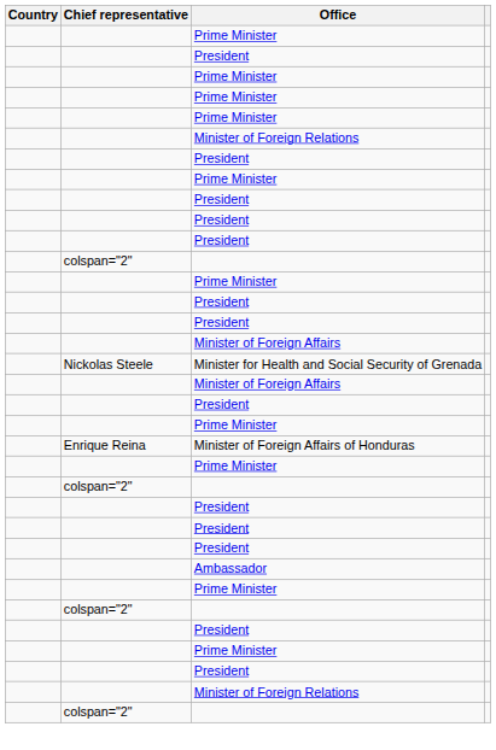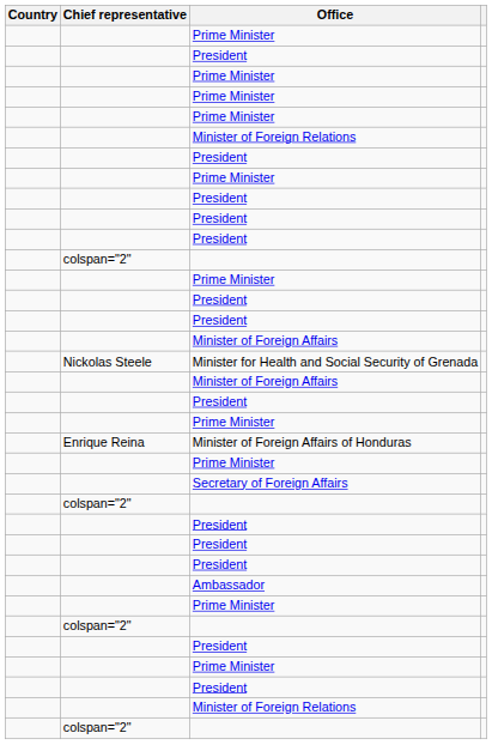 <table class="wikitable sortable">
 <tr>
 <th>Country</th>
 <th>Chief representative</th>
 <th>Office</th>
 <th class="unsortable"></th>
 </tr>
 <tr>
 <td></td>
 <td></td>
 <td><a href='#'>Prime Minister</a></td>
 <td></td>
 </tr>
 <tr>
 <td></td>
 <td></td>
 <td><a href='#'>President</a></td>
 <td></td>
 </tr>
 <tr>
 <td></td>
 <td></td>
 <td><a href='#'>Prime Minister</a></td>
 <td></td>
 </tr>
 <tr>
 <td></td>
 <td></td>
 <td><a href='#'>Prime Minister</a></td>
 <td></td>
 </tr>
 <tr>
 <td></td>
 <td></td>
 <td><a href='#'>Prime Minister</a></td>
 <td></td>
 </tr>
 <tr>
 <td></td>
 <td></td>
 <td><a href='#'>Minister of Foreign Relations</a></td>
 <td></td>
 </tr>
 <tr>
 <td></td>
 <td></td>
 <td><a href='#'>President</a></td>
 <td></td>
 </tr>
 <tr>
 <td></td>
 <td></td>
 <td><a href='#'>Prime Minister</a></td>
 <td></td>
 </tr>
 <tr>
 <td></td>
 <td></td>
 <td><a href='#'>President</a></td>
 <td></td>
 </tr>
 <tr>
 <td></td>
 <td></td>
 <td><a href='#'>President</a></td>
 <td></td>
 </tr>
 <tr>
 <td></td>
 <td></td>
 <td><a href='#'>President</a></td>
 <td></td>
 </tr>
 <tr>
 <td></td>
 <td>colspan="2" </td>
 <td></td>
 </tr>
 <tr>
 <td></td>
 <td></td>
 <td><a href='#'>Prime Minister</a></td>
 <td></td>
 </tr>
 <tr>
 <td></td>
 <td></td>
 <td><a href='#'>President</a></td>
 <td></td>
 </tr>
 <tr>
 <td></td>
 <td></td>
 <td><a href='#'>President</a></td>
 <td></td>
 </tr>
 <tr>
 <td></td>
 <td></td>
 <td><a href='#'>Minister of Foreign Affairs</a></td>
 <td></td>
 </tr>
 <tr>
 <td></td>
 <td>Nickolas Steele</td>
 <td>Minister for Health and Social Security of Grenada</td>
 <td></td>
 </tr>
 <tr>
 <td></td>
 <td></td>
 <td><a href='#'>Minister of Foreign Affairs</a></td>
 <td></td>
 </tr>
 <tr>
 <td></td>
 <td></td>
 <td><a href='#'>President</a></td>
 <td></td>
 </tr>
 <tr>
 <td></td>
 <td></td>
 <td><a href='#'>Prime Minister</a></td>
 <td></td>
 </tr>
 <tr>
 <td></td>
 <td Eduardo>Enrique Reina</td>
 <td>Minister of Foreign Affairs of Honduras</td>
 <td></td>
 </tr>
 <tr>
 <td></td>
 <td></td>
 <td><a href='#'>Prime Minister</a></td>
 <td></td>
 </tr>
 <tr>
 <td></td>
+<td></td>
+<td><a href='#'>Secretary of Foreign Affairs</a></td>
+<td></td>
+</tr>
+<tr>
+<td></td>
 <td>colspan="2" </td>
 <td></td>
 </tr>
 <tr>
 <td></td>
 <td></td>
 <td><a href='#'>President</a></td>
 <td></td>
 </tr>
 <tr>
 <td></td>
 <td></td>
 <td><a href='#'>President</a></td>
 <td></td>
 </tr>
 <tr>
 <td></td>
 <td></td>
 <td><a href='#'>President</a></td>
 <td></td>
 </tr>
 <tr>
 <td></td>
 <td></td>
 <td><a href='#'>Ambassador</a></td>
 <td></td>
 </tr>
 <tr>
 <td></td>
 <td></td>
 <td><a href='#'>Prime Minister</a></td>
 <td></td>
 </tr>
 <tr>
 <td></td>
 <td>colspan="2" </td>
 <td></td>
 </tr>
 <tr>
 <td></td>
 <td></td>
 <td><a href='#'>President</a></td>
 <td></td>
 </tr>
 <tr>
 <td></td>
 <td></td>
 <td><a href='#'>Prime Minister</a></td>
 <td></td>
 </tr>
 <tr>
 <td></td>
 <td></td>
 <td><a href='#'>President</a></td>
 <td></td>
 </tr>
 <tr>
 <td></td>
 <td></td>
 <td><a href='#'>Minister of Foreign Relations</a></td>
 <td></td>
 </tr>
 <tr>
 <td></td>
 <td>colspan="2" </td>
 <td></td>
 </tr>
 </table>
